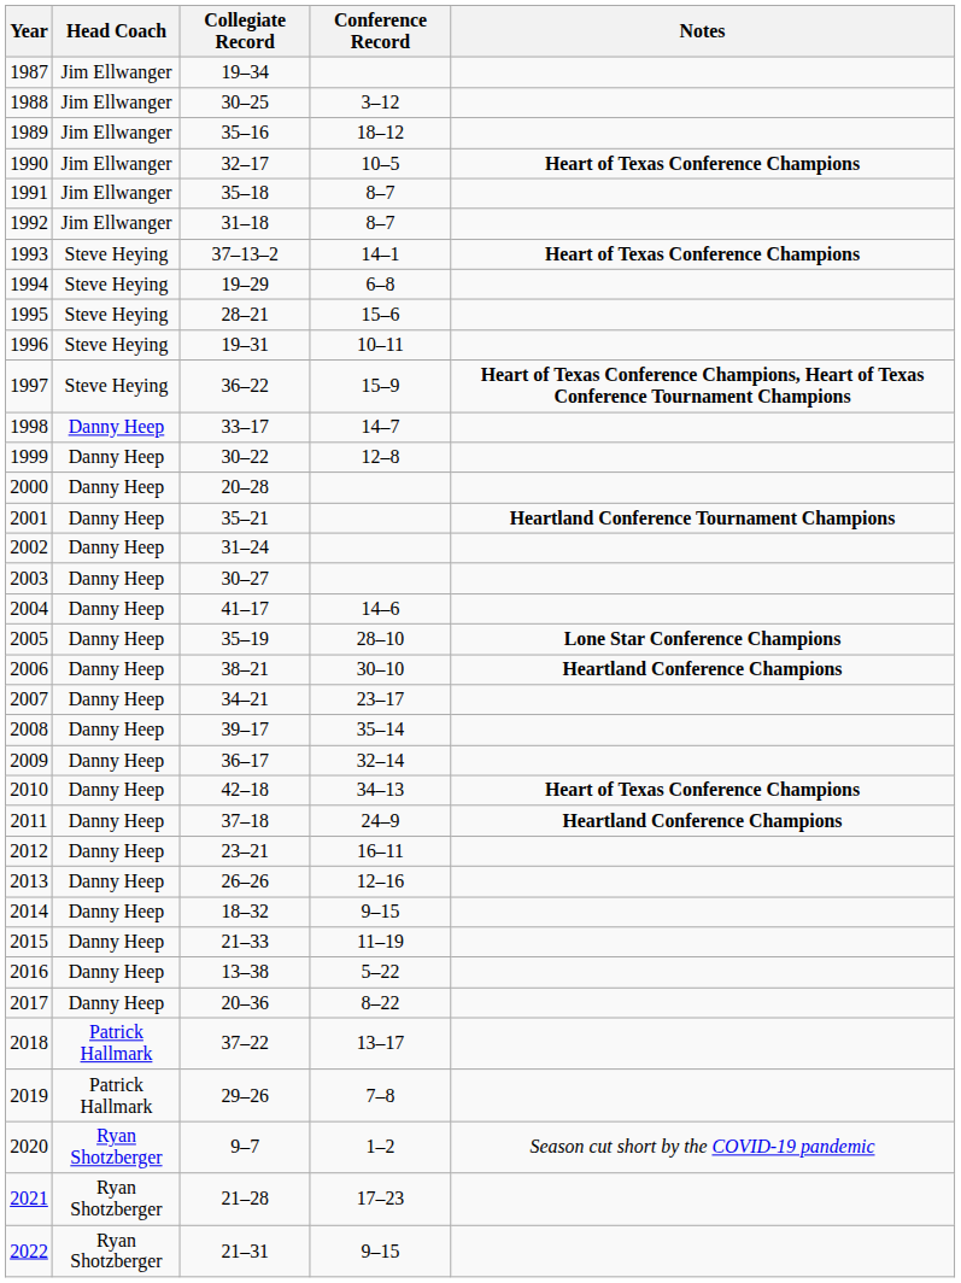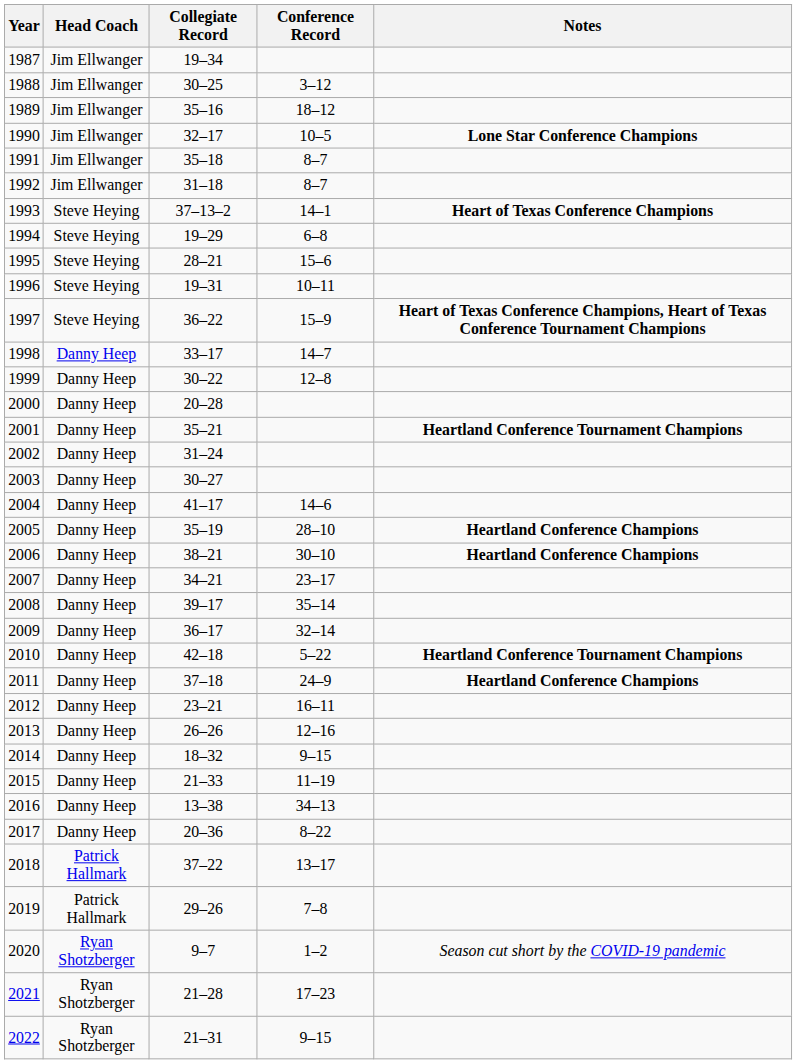 <table class="wikitable sortable" style="width:90%; text-align:center;">
 <tr>
 </tr>
 <tr>
 <th>Year</th>
 <th>Head Coach</th>
 <th>Collegiate Record</th>
 <th>Conference Record</th>
 <th>Notes</th>
 </tr>
 <tr>
 <td>1987</td>
 <td>Jim Ellwanger</td>
 <td>19–34</td>
 <td></td>
 <td></td>
 </tr>
 <tr>
 <td>1988</td>
 <td>Jim Ellwanger</td>
 <td>30–25</td>
 <td>3–12</td>
 <td></td>
 </tr>
 <tr>
 <td>1989</td>
 <td>Jim Ellwanger</td>
 <td>35–16</td>
 <td>18–12</td>
 <td></td>
 </tr>
 <tr>
 <td>1990</td>
 <td>Jim Ellwanger</td>
 <td>32–17</td>
 <td>10–5</td>
-<td><strong>Heart of Texas Conference Champions</strong></td>
+<td><strong>Lone Star Conference Champions</strong></td>
 </tr>
 <tr>
 <td>1991</td>
 <td>Jim Ellwanger</td>
 <td>35–18</td>
 <td>8–7</td>
 <td></td>
 </tr>
 <tr>
 <td>1992</td>
 <td>Jim Ellwanger</td>
 <td>31–18</td>
 <td>8–7</td>
 <td></td>
 </tr>
 <tr>
 <td>1993</td>
 <td>Steve Heying</td>
 <td>37–13–2</td>
 <td>14–1</td>
 <td><strong>Heart of Texas Conference Champions</strong></td>
 </tr>
 <tr>
 <td>1994</td>
 <td>Steve Heying</td>
 <td>19–29</td>
 <td>6–8</td>
 <td></td>
 </tr>
 <tr>
 <td>1995</td>
 <td>Steve Heying</td>
 <td>28–21</td>
 <td>15–6</td>
 <td></td>
 </tr>
 <tr>
 <td>1996</td>
 <td>Steve Heying</td>
 <td>19–31</td>
 <td>10–11</td>
 <td></td>
 </tr>
 <tr>
 <td>1997</td>
 <td>Steve Heying</td>
 <td>36–22</td>
 <td>15–9</td>
 <td><strong>Heart of Texas Conference Champions, Heart of Texas Conference Tournament Champions</strong></td>
 </tr>
 <tr>
 <td>1998</td>
 <td><a href='#'>Danny Heep</a></td>
 <td>33–17</td>
 <td>14–7</td>
 <td></td>
 </tr>
 <tr>
 <td>1999</td>
 <td>Danny Heep</td>
 <td>30–22</td>
 <td>12–8</td>
 <td></td>
 </tr>
 <tr>
 <td>2000</td>
 <td>Danny Heep</td>
 <td>20–28</td>
 <td></td>
 <td></td>
 </tr>
 <tr>
 <td>2001</td>
 <td>Danny Heep</td>
 <td>35–21</td>
 <td></td>
 <td><strong>Heartland Conference Tournament Champions</strong></td>
 </tr>
 <tr>
 <td>2002</td>
 <td>Danny Heep</td>
 <td>31–24</td>
 <td></td>
 <td></td>
 </tr>
 <tr>
 <td>2003</td>
 <td>Danny Heep</td>
 <td>30–27</td>
 <td></td>
 <td></td>
 </tr>
 <tr>
 <td>2004</td>
 <td>Danny Heep</td>
 <td>41–17</td>
 <td>14–6</td>
 <td></td>
 </tr>
 <tr>
 <td>2005</td>
 <td>Danny Heep</td>
 <td>35–19</td>
 <td>28–10</td>
-<td><strong>Lone Star Conference Champions</strong></td>
+<td><strong>Heartland Conference Champions</strong></td>
 </tr>
 <tr>
 <td>2006</td>
 <td>Danny Heep</td>
 <td>38–21</td>
 <td>30–10</td>
 <td><strong>Heartland Conference Champions</strong></td>
 </tr>
 <tr>
 <td>2007</td>
 <td>Danny Heep</td>
 <td>34–21</td>
 <td>23–17</td>
 <td></td>
 </tr>
 <tr>
 <td>2008</td>
 <td>Danny Heep</td>
 <td>39–17</td>
 <td>35–14</td>
 <td></td>
 </tr>
 <tr>
 <td>2009</td>
 <td>Danny Heep</td>
 <td>36–17</td>
 <td>32–14</td>
 <td></td>
 </tr>
 <tr>
 <td>2010</td>
 <td>Danny Heep</td>
 <td>42–18</td>
-<td>34–13</td>
-<td><strong>Heart of Texas Conference Champions</strong></td>
+<td>5–22</td>
+<td><strong>Heartland Conference Tournament Champions</strong></td>
 </tr>
 <tr>
 <td>2011</td>
 <td>Danny Heep</td>
 <td>37–18</td>
 <td>24–9</td>
 <td><strong>Heartland Conference Champions</strong></td>
 </tr>
 <tr>
 <td>2012</td>
 <td>Danny Heep</td>
 <td>23–21</td>
 <td>16–11</td>
 <td></td>
 </tr>
 <tr>
 <td>2013</td>
 <td>Danny Heep</td>
 <td>26–26</td>
 <td>12–16</td>
 <td></td>
 </tr>
 <tr>
 <td>2014</td>
 <td>Danny Heep</td>
 <td>18–32</td>
 <td>9–15</td>
 <td></td>
 </tr>
 <tr>
 <td>2015</td>
 <td>Danny Heep</td>
 <td>21–33</td>
 <td>11–19</td>
 <td></td>
 </tr>
 <tr>
 <td>2016</td>
 <td>Danny Heep</td>
 <td>13–38</td>
-<td>5–22</td>
+<td>34–13</td>
 <td></td>
 </tr>
 <tr>
 <td>2017</td>
 <td>Danny Heep</td>
 <td>20–36</td>
 <td>8–22</td>
 <td></td>
 </tr>
 <tr>
 <td>2018</td>
 <td><a href='#'>Patrick Hallmark</a></td>
 <td>37–22</td>
 <td>13–17</td>
 <td></td>
 </tr>
 <tr>
 <td>2019</td>
 <td>Patrick Hallmark</td>
 <td>29–26</td>
 <td>7–8</td>
 <td></td>
 </tr>
 <tr>
 <td>2020</td>
 <td><a href='#'>Ryan Shotzberger</a></td>
 <td>9–7</td>
 <td>1–2</td>
 <td><em>Season cut short by the <a href='#'>COVID-19 pandemic</a></em></td>
 </tr>
 <tr>
 <td><a href='#'>2021</a></td>
 <td>Ryan Shotzberger</td>
 <td>21–28</td>
 <td>17–23</td>
 </tr>
 <tr>
 <td><a href='#'>2022</a></td>
 <td>Ryan Shotzberger</td>
 <td>21–31</td>
 <td>9–15</td>
 <td></td>
 </tr>
 </table>
